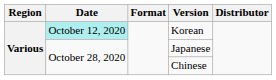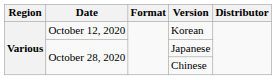 <table class="wikitable plainrowheaders">
 <tr>
 <th>Region</th>
 <th>Date</th>
 <th>Format</th>
 <th>Version</th>
 <th>Distributor</th>
 </tr>
 <tr>
 <th rowspan="3" scope="row">Various</th>
-<td style="background: paleturquoise;">October 12, 2020</td>
+<td>October 12, 2020</td>
 <td rowspan="3"></td>
 <td>Korean</td>
 <td rowspan="3"></td>
 </tr>
 <tr>
 <td rowspan="2">October 28, 2020</td>
 <td>Japanese</td>
 </tr>
 <tr>
 <td>Chinese</td>
 </tr>
 </table>
